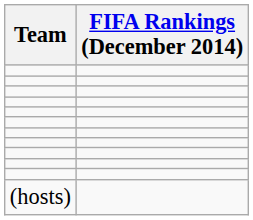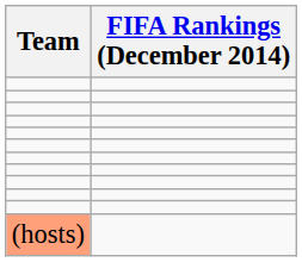 <table class="wikitable sortable" style="text-align: left;">
 <tr>
 <th>Team</th>
 <th><a href='#'>FIFA Rankings</a><br>(December 2014)</th>
 </tr>
 <tr>
 <td></td>
 <td></td>
 </tr>
 <tr>
 <td></td>
 <td></td>
 </tr>
 <tr>
 <td></td>
 <td></td>
 </tr>
 <tr>
 <td></td>
 <td></td>
 </tr>
 <tr>
 <td></td>
 <td></td>
 </tr>
 <tr>
 <td></td>
 <td></td>
 </tr>
 <tr>
 <td></td>
 <td></td>
 </tr>
 <tr>
 <td></td>
 <td></td>
 </tr>
 <tr>
 <td></td>
 <td></td>
 </tr>
 <tr>
 <td></td>
 <td></td>
 </tr>
 <tr>
 <td></td>
 <td></td>
 </tr>
 <tr>
-<td> (hosts)</td>
+<td style="background: lightsalmon;"> (hosts)</td>
 <td></td>
 </tr>
 </table>
